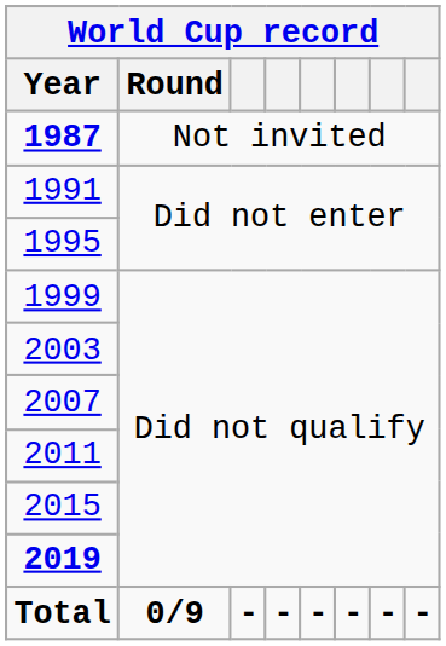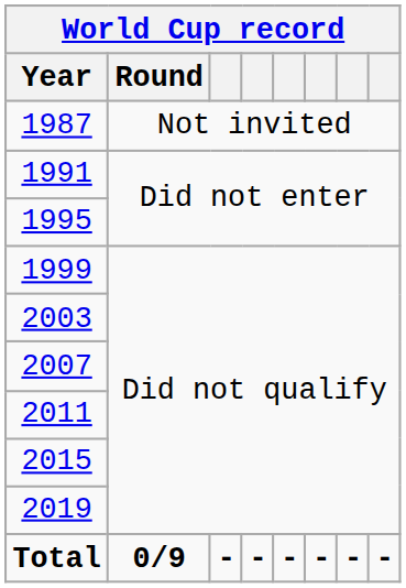 <table class=wikitable style=text-align:center>
 <tr>
 <th colspan=8><a href='#'>World Cup record</a></th>
 </tr>
 <tr>
 <th>Year</th>
 <th>Round</th>
 <th></th>
 <th></th>
 <th></th>
 <th></th>
 <th></th>
 <th></th>
 </tr>
 <tr>
-<td><strong> <a href='#'>1987</a></strong></td>
+<td> <a href='#'>1987</a></td>
 <td colspan=7>Not invited</td>
 </tr>
 <tr>
 <td> <a href='#'>1991</a></td>
 <td colspan=7 rowspan=2>Did not enter</td>
 </tr>
 <tr>
 <td> <a href='#'>1995</a></td>
 </tr>
 <tr>
 <td> <a href='#'>1999</a></td>
 <td colspan=7 rowspan=6>Did not qualify</td>
 </tr>
 <tr>
 <td> <a href='#'>2003</a></td>
 </tr>
 <tr>
 <td> <a href='#'>2007</a></td>
 </tr>
 <tr>
 <td> <a href='#'>2011</a></td>
 </tr>
 <tr>
 <td> <a href='#'>2015</a></td>
 </tr>
 <tr>
-<td><strong> <a href='#'>2019</a></strong></td>
+<td> <a href='#'>2019</a></td>
 </tr>
 <tr>
 <td><strong>Total</strong></td>
 <td><strong>0/9</strong></td>
 <td><strong>-</strong></td>
 <td><strong>-</strong></td>
 <td><strong>-</strong></td>
 <td><strong>-</strong></td>
 <td><strong>-</strong></td>
 <td><strong>-</strong></td>
 </tr>
 </table>
